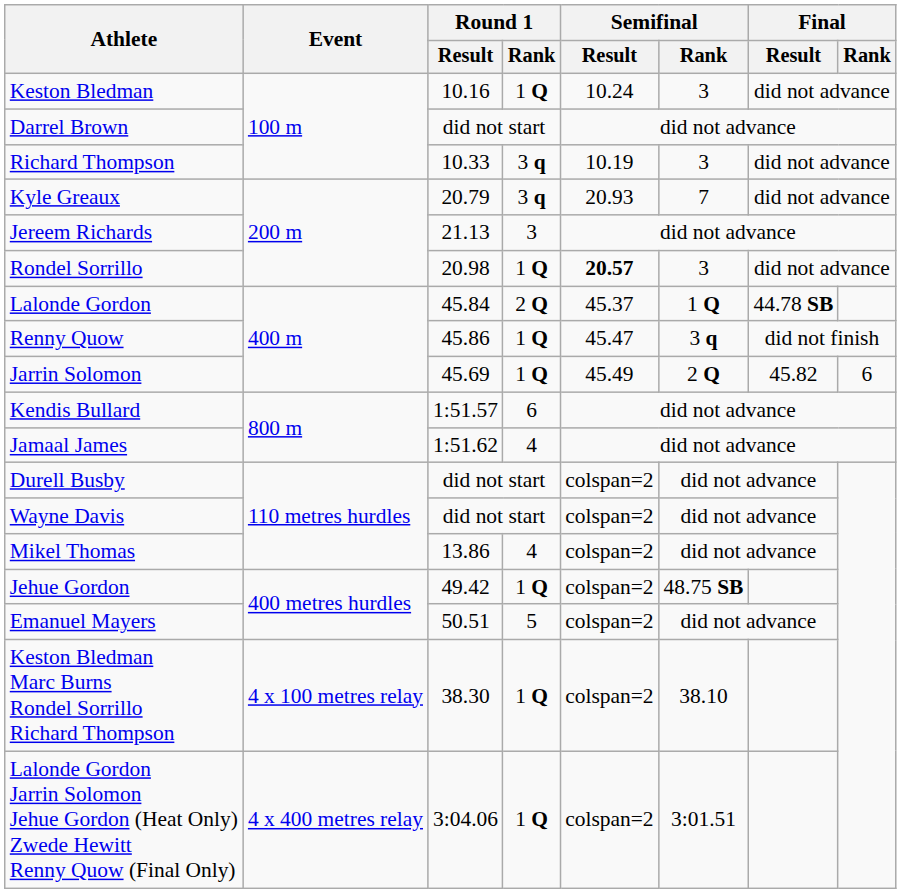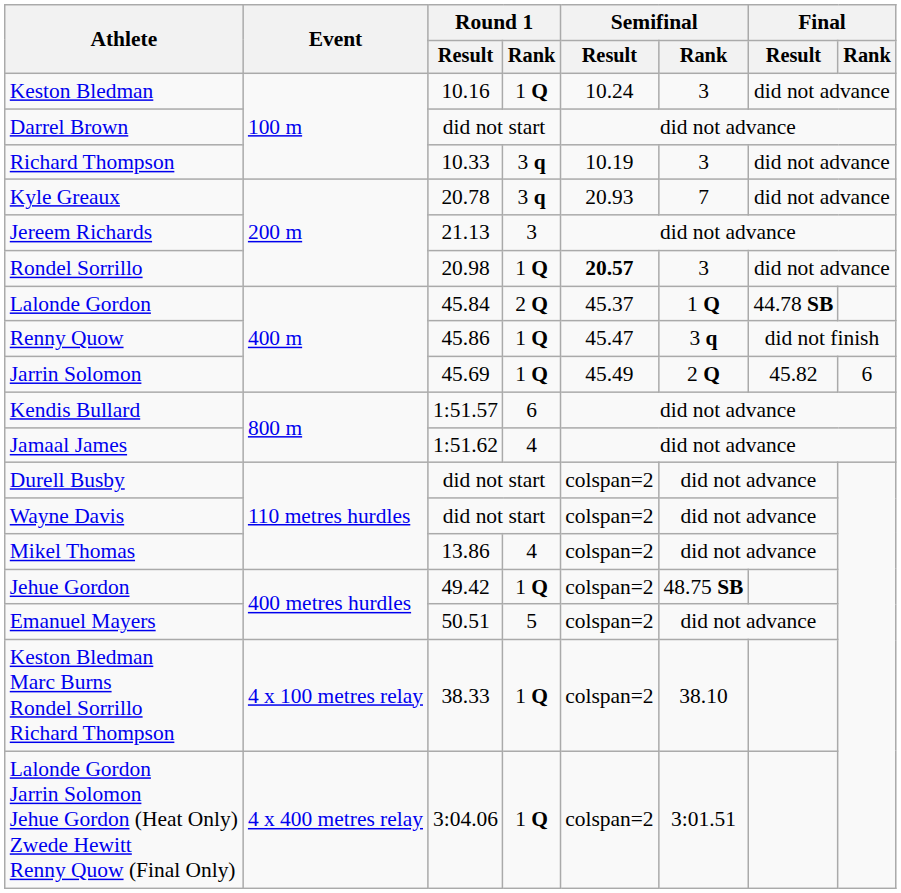 <table class=wikitable style="font-size:90%">
 <tr>
 <th rowspan="2">Athlete</th>
 <th rowspan="2">Event</th>
 <th colspan="2">Round 1</th>
 <th colspan="2">Semifinal</th>
 <th colspan="2">Final</th>
 </tr>
 <tr style="font-size:95%">
 <th>Result</th>
 <th>Rank</th>
 <th>Result</th>
 <th>Rank</th>
 <th>Result</th>
 <th>Rank</th>
 </tr>
 <tr align=center>
 <td align=left><a href='#'>Keston Bledman</a></td>
 <td align=left rowspan="3"><a href='#'>100 m</a></td>
 <td>10.16</td>
 <td>1 <strong>Q</strong></td>
 <td>10.24</td>
 <td>3</td>
 <td colspan="2">did not advance</td>
 </tr>
 <tr align=center>
 <td align=left><a href='#'>Darrel Brown</a></td>
 <td colspan="2">did not start</td>
 <td colspan="4">did not advance</td>
 </tr>
 <tr align=center>
 <td align=left><a href='#'>Richard Thompson</a></td>
 <td>10.33</td>
 <td>3 <strong>q</strong></td>
 <td>10.19</td>
 <td>3</td>
 <td colspan="2">did not advance</td>
 </tr>
 <tr align=center>
 <td align=left><a href='#'>Kyle Greaux</a></td>
 <td align=left rowspan="3"><a href='#'>200 m</a></td>
-<td>20.79</td>
+<td>20.78</td>
 <td>3 <strong>q</strong></td>
 <td>20.93</td>
 <td>7</td>
 <td colspan="2">did not advance</td>
 </tr>
 <tr align=center>
 <td align=left><a href='#'>Jereem Richards</a></td>
 <td>21.13</td>
 <td>3</td>
 <td colspan="4">did not advance</td>
 </tr>
 <tr align=center>
 <td align=left><a href='#'>Rondel Sorrillo</a></td>
 <td>20.98</td>
 <td>1 <strong>Q</strong></td>
 <td><strong>20.57</strong></td>
 <td>3</td>
 <td colspan="2">did not advance</td>
 </tr>
 <tr align=center>
 <td align=left><a href='#'>Lalonde Gordon</a></td>
 <td align=left rowspan="3"><a href='#'>400 m</a></td>
 <td>45.84</td>
 <td>2 <strong>Q</strong></td>
 <td>45.37</td>
 <td>1 <strong>Q</strong></td>
 <td>44.78 <strong>SB</strong></td>
 <td></td>
 </tr>
 <tr align=center>
 <td align=left><a href='#'>Renny Quow</a></td>
 <td>45.86</td>
 <td>1 <strong>Q</strong></td>
 <td>45.47</td>
 <td>3 <strong>q</strong></td>
 <td colspan=2>did not finish</td>
 </tr>
 <tr align=center>
 <td align=left><a href='#'>Jarrin Solomon</a></td>
 <td>45.69</td>
 <td>1 <strong>Q</strong></td>
 <td>45.49</td>
 <td>2 <strong>Q</strong></td>
 <td>45.82</td>
 <td>6</td>
 </tr>
 <tr align=center>
 <td align=left><a href='#'>Kendis Bullard</a></td>
 <td align=left rowspan=2><a href='#'>800 m</a></td>
 <td>1:51.57</td>
 <td>6</td>
 <td colspan=4>did not advance</td>
 </tr>
 <tr align=center>
 <td align=left><a href='#'>Jamaal James</a></td>
 <td>1:51.62</td>
 <td>4</td>
 <td colspan=4>did not advance</td>
 </tr>
 <tr align=center>
 <td align=left><a href='#'>Durell Busby</a></td>
 <td align=left rowspan="3"><a href='#'>110 metres hurdles</a></td>
 <td colspan="2">did not start</td>
 <td>colspan=2 </td>
 <td colspan="2">did not advance</td>
 </tr>
 <tr align=center>
 <td align=left><a href='#'>Wayne Davis</a></td>
 <td colspan="2">did not start</td>
 <td>colspan=2 </td>
 <td colspan="2">did not advance</td>
 </tr>
 <tr align=center>
 <td align=left><a href='#'>Mikel Thomas</a></td>
 <td>13.86</td>
 <td>4</td>
 <td>colspan=2 </td>
 <td colspan="2">did not advance</td>
 </tr>
 <tr align=center>
 <td align=left><a href='#'>Jehue Gordon</a></td>
 <td align=left rowspan="2"><a href='#'>400 metres hurdles</a></td>
 <td>49.42</td>
 <td>1 <strong>Q</strong></td>
 <td>colspan=2 </td>
 <td>48.75 <strong>SB</strong></td>
 <td></td>
 </tr>
 <tr align=center>
 <td align=left><a href='#'>Emanuel Mayers</a></td>
 <td>50.51</td>
 <td>5</td>
 <td>colspan=2 </td>
 <td colspan="2">did not advance</td>
 </tr>
 <tr align=center>
 <td align=left><a href='#'>Keston Bledman</a><br><a href='#'>Marc Burns</a><br><a href='#'>Rondel Sorrillo</a><br><a href='#'>Richard Thompson</a></td>
 <td align=left><a href='#'>4 x 100 metres relay</a></td>
-<td>38.30</td>
+<td>38.33</td>
 <td>1 <strong>Q</strong></td>
 <td>colspan=2 </td>
 <td>38.10</td>
 <td></td>
 </tr>
 <tr align=center>
 <td align=left><a href='#'>Lalonde Gordon</a><br><a href='#'>Jarrin Solomon</a> <br><a href='#'>Jehue Gordon</a> (Heat Only)<br><a href='#'>Zwede Hewitt</a><br><a href='#'>Renny Quow</a> (Final Only)</td>
 <td align=left><a href='#'>4 x 400 metres relay</a></td>
 <td>3:04.06</td>
 <td>1 <strong>Q</strong></td>
 <td>colspan=2 </td>
 <td>3:01.51</td>
 <td></td>
 </tr>
 </table>
